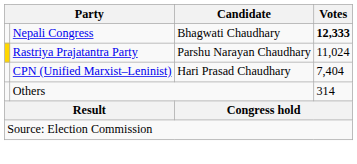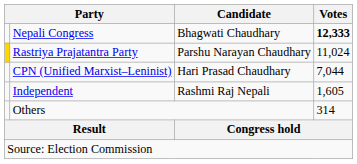 <table class="wikitable">
 <tr>
 <th colspan="2">Party</th>
 <th>Candidate</th>
 <th>Votes</th>
 </tr>
 <tr>
 <td style="background-color:"></td>
 <td><a href='#'>Nepali Congress</a></td>
 <td>Bhagwati Chaudhary</td>
 <td><strong>12,333</strong></td>
 </tr>
 <tr>
 <td style="background-color:gold"></td>
 <td><a href='#'>Rastriya Prajatantra Party</a></td>
 <td>Parshu Narayan Chaudhary</td>
 <td>11,024</td>
 </tr>
 <tr>
 <td style="background-color:"></td>
 <td><a href='#'>CPN (Unified Marxist–Leninist)</a></td>
 <td>Hari Prasad Chaudhary</td>
-<td>7,404</td>
+<td>7,044</td>
+</tr>
+<tr>
+<td style="background-color:"></td>
+<td><a href='#'>Independent</a></td>
+<td>Rashmi Raj Nepali</td>
+<td>1,605</td>
 </tr>
 <tr>
 <td></td>
 <td colspan="2">Others</td>
 <td>314</td>
 </tr>
 <tr>
 <th colspan="2">Result</th>
 <th colspan="2">Congress hold</th>
 </tr>
 <tr>
 <td colspan="4">Source: Election Commission</td>
 </tr>
 </table>
